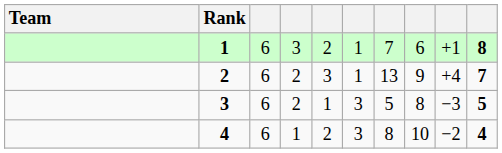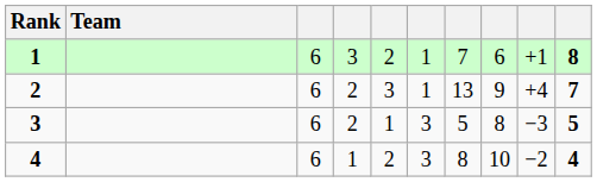 <table class="wikitable" style="text-align:center">
 <tr>
+<th width=30>Rank</th>
 <th width=165 style="text-align:left">Team</th>
-<th width=30>Rank</th>
 <th width=20></th>
 <th width=20></th>
 <th width=20></th>
 <th width=20></th>
 <th width=20></th>
 <th width=20></th>
 <th width=20></th>
 <th width=20></th>
 </tr>
 <tr bgcolor="#ccffcc">
+<td><strong>1</strong></td>
 <td align="left"></td>
-<td><strong>1</strong></td>
 <td>6</td>
 <td>3</td>
 <td>2</td>
 <td>1</td>
 <td>7</td>
 <td>6</td>
 <td>+1</td>
 <td><strong>8</strong></td>
 </tr>
 <tr>
+<td><strong>2</strong></td>
 <td align="left"></td>
-<td><strong>2</strong></td>
 <td>6</td>
 <td>2</td>
 <td>3</td>
 <td>1</td>
 <td>13</td>
 <td>9</td>
 <td>+4</td>
 <td><strong>7</strong></td>
 </tr>
 <tr>
+<td><strong>3</strong></td>
 <td align="left"></td>
-<td><strong>3</strong></td>
 <td>6</td>
 <td>2</td>
 <td>1</td>
 <td>3</td>
 <td>5</td>
 <td>8</td>
 <td>−3</td>
 <td><strong>5</strong></td>
 </tr>
 <tr>
+<td><strong>4</strong></td>
 <td align="left"></td>
-<td><strong>4</strong></td>
 <td>6</td>
 <td>1</td>
 <td>2</td>
 <td>3</td>
 <td>8</td>
 <td>10</td>
 <td>−2</td>
 <td><strong>4</strong></td>
 </tr>
 </table>
